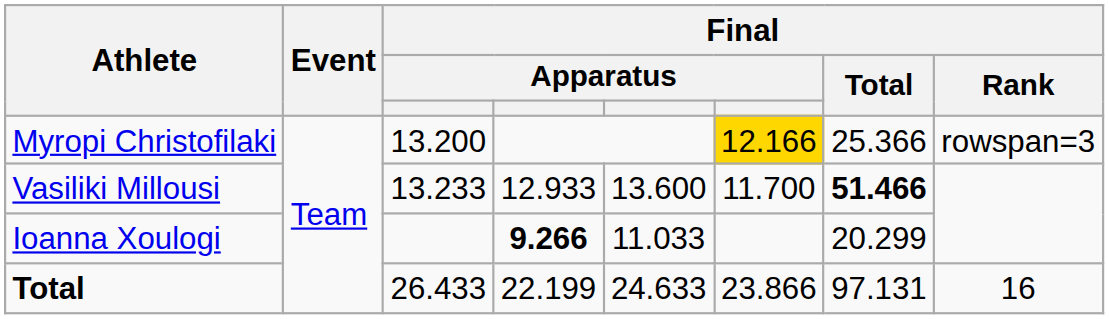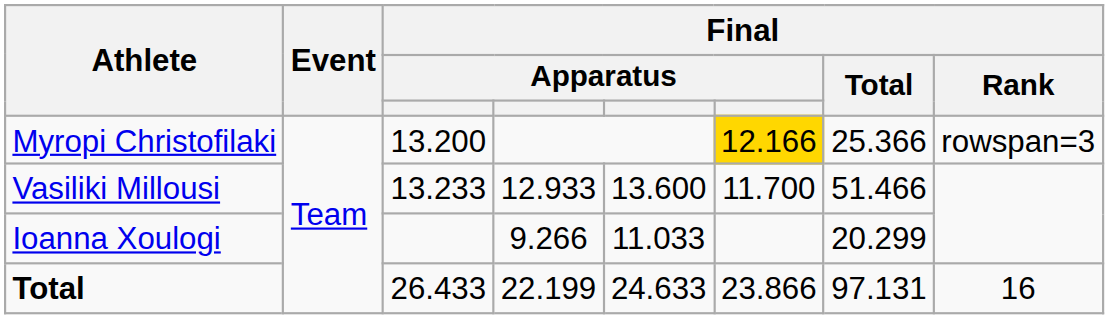 <table class="wikitable" style="font-size:90%">
 <tr>
 <th rowspan=3>Athlete</th>
 <th rowspan=3>Event</th>
 <th colspan=6>Final</th>
 </tr>
 <tr style="font-size:95%">
 <th colspan=4>Apparatus</th>
 <th rowspan=2>Total</th>
 <th rowspan=2>Rank</th>
 </tr>
 <tr style="font-size:95%">
 <th></th>
 <th></th>
 <th></th>
 <th></th>
 </tr>
 <tr align=center>
 <td align=left><a href='#'>Myropi Christofilaki</a></td>
 <td align=left rowspan=4><a href='#'>Team</a></td>
 <td>13.200</td>
 <td colspan=2></td>
 <td style="background: gold;">12.166</td>
 <td>25.366</td>
 <td>rowspan=3 </td>
 </tr>
 <tr align=center>
 <td align=left><a href='#'>Vasiliki Millousi</a></td>
 <td>13.233</td>
 <td>12.933</td>
 <td>13.600</td>
 <td>11.700</td>
-<td><strong>51.466</strong></td>
+<td>51.466</td>
 </tr>
 <tr align=center>
 <td align=left><a href='#'>Ioanna Xoulogi</a></td>
 <td></td>
-<td><strong>9.266</strong></td>
+<td>9.266</td>
 <td>11.033</td>
 <td></td>
 <td>20.299</td>
 </tr>
 <tr align=center>
 <td align=left><strong>Total</strong></td>
 <td>26.433</td>
 <td>22.199</td>
 <td>24.633</td>
 <td>23.866</td>
 <td>97.131</td>
 <td>16</td>
 </tr>
 </table>
